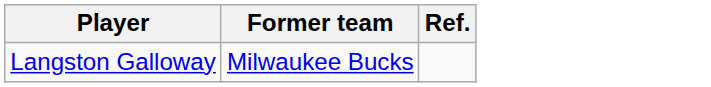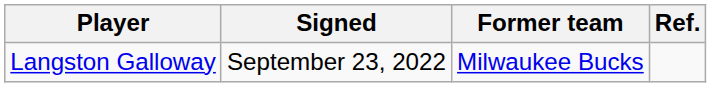 <table class="wikitable sortable sortable" style="text-align: center">
 <tr>
 <th>Player</th>
+<th>Signed</th>
 <th>Former team</th>
 <th>Ref.</th>
 </tr>
 <tr>
 <td><a href='#'>Langston Galloway</a></td>
+<td>September 23, 2022</td>
 <td><a href='#'>Milwaukee Bucks</a></td>
 <td></td>
 </tr>
 </table>
